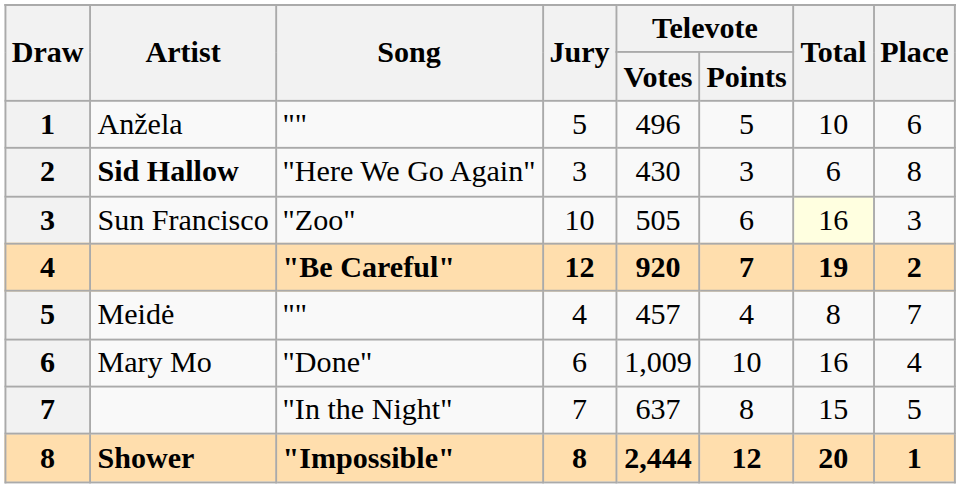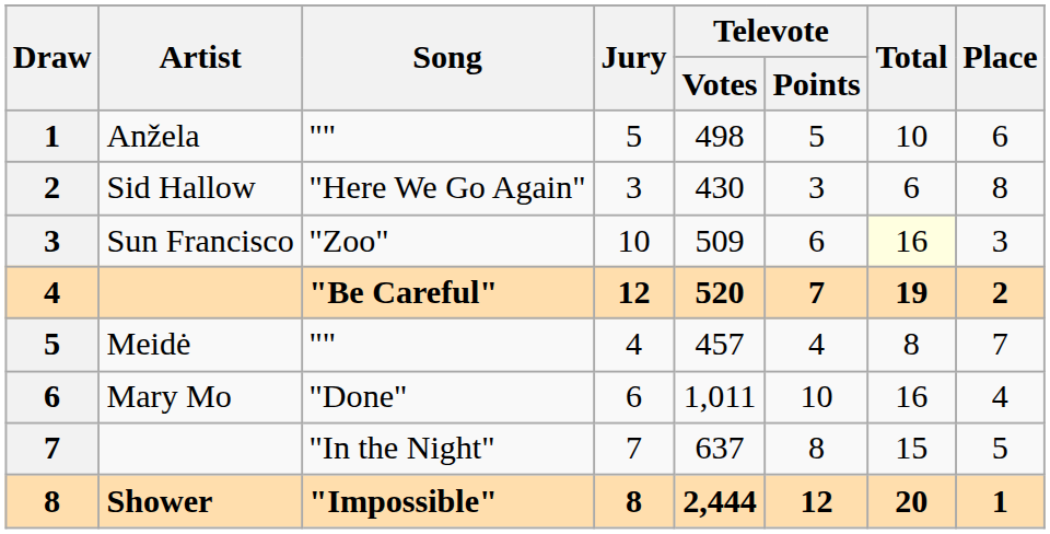 <table class="sortable wikitable plainrowheaders" style="margin: 1em auto 1em auto; text-align:center">
 <tr>
 </tr>
 <tr>
 <th rowspan="2">Draw</th>
 <th rowspan="2">Artist</th>
 <th rowspan="2">Song</th>
 <th rowspan="2">Jury</th>
 <th colspan="2">Televote</th>
 <th rowspan="2">Total</th>
 <th rowspan="2">Place</th>
 </tr>
 <tr>
 <th>Votes</th>
 <th>Points</th>
 </tr>
 <tr>
 <th scope="row" style="text-align:center;">1</th>
 <td align="left">Anžela</td>
 <td align="left">""</td>
 <td>5</td>
-<td>496</td>
+<td>498</td>
 <td>5</td>
 <td>10</td>
 <td>6</td>
 </tr>
 <tr>
 <th scope="row" style="text-align:center;">2</th>
-<td align="left"><strong>Sid Hallow</strong></td>
+<td align="left">Sid Hallow</td>
 <td align="left">"Here We Go Again"</td>
 <td>3</td>
 <td>430</td>
 <td>3</td>
 <td>6</td>
 <td>8</td>
 </tr>
 <tr>
 <th scope="row" style="text-align:center;">3</th>
 <td align="left">Sun Francisco</td>
 <td align="left">"Zoo"</td>
 <td>10</td>
-<td>505</td>
+<td>509</td>
 <td>6</td>
 <td style="background: lightyellow;">16</td>
 <td>3</td>
 </tr>
 <tr style="background:navajowhite; font-weight:bold;">
 <th scope="row" style="text-align:center; background:navajowhite; font-weight:bold;">4</th>
 <td align="left"></td>
 <td align="left">"Be Careful"</td>
 <td>12</td>
-<td>920</td>
+<td>520</td>
 <td>7</td>
 <td>19</td>
 <td>2</td>
 </tr>
 <tr>
 <th scope="row" style="text-align:center;">5</th>
 <td align="left">Meidė</td>
 <td align="left">""</td>
 <td>4</td>
 <td>457</td>
 <td>4</td>
 <td>8</td>
 <td>7</td>
 </tr>
 <tr>
 <th scope="row" style="text-align:center;">6</th>
 <td align="left">Mary Mo</td>
 <td align="left">"Done"</td>
 <td>6</td>
-<td>1,009</td>
+<td>1,011</td>
 <td>10</td>
 <td>16</td>
 <td>4</td>
 </tr>
 <tr>
 <th scope="row" style="text-align:center;">7</th>
 <td align="left"></td>
 <td align="left">"In the Night"</td>
 <td>7</td>
 <td>637</td>
 <td>8</td>
 <td>15</td>
 <td>5</td>
 </tr>
 <tr style="background:navajowhite; font-weight:bold;">
 <th scope="row" style="text-align:center; background:navajowhite; font-weight:bold;">8</th>
 <td align="left">Shower</td>
 <td align="left">"Impossible"</td>
 <td>8</td>
 <td>2,444</td>
 <td>12</td>
 <td>20</td>
 <td>1</td>
 </tr>
 </table>
